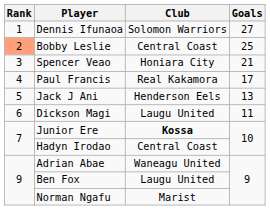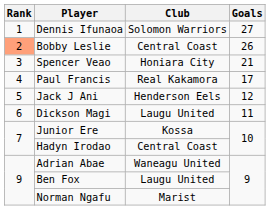 <table class="wikitable" style="text-align:center">
 <tr>
 <th>Rank</th>
 <th>Player</th>
 <th>Club</th>
 <th>Goals</th>
 </tr>
 <tr>
 <td>1</td>
 <td align=left> Dennis Ifunaoa</td>
 <td>Solomon Warriors</td>
 <td>27</td>
 </tr>
 <tr>
 <td style="background: lightsalmon;">2</td>
 <td align=left> Bobby Leslie</td>
 <td>Central Coast</td>
-<td>25</td>
+<td>26</td>
 </tr>
 <tr>
 <td>3</td>
 <td align=left> Spencer Veao</td>
 <td>Honiara City</td>
 <td>21</td>
 </tr>
 <tr>
 <td>4</td>
 <td align=left> Paul Francis</td>
 <td>Real Kakamora</td>
 <td>17</td>
 </tr>
 <tr>
 <td>5</td>
 <td align=left> Jack J Ani</td>
 <td>Henderson Eels</td>
-<td>13</td>
+<td>12</td>
 </tr>
 <tr>
 <td>6</td>
 <td align=left> Dickson Magi</td>
 <td>Laugu United</td>
 <td>11</td>
 </tr>
 <tr>
 <td rowspan=2>7</td>
 <td align=left> Junior Ere</td>
-<td><strong>Kossa</strong></td>
+<td>Kossa</td>
 <td rowspan=2>10</td>
 </tr>
 <tr>
 <td align=left> Hadyn Irodao</td>
 <td>Central Coast</td>
 </tr>
 <tr>
 <td rowspan=3>9</td>
 <td align=left> Adrian Abae</td>
 <td>Waneagu United</td>
 <td rowspan=3>9</td>
 </tr>
 <tr>
 <td align=left> Ben Fox</td>
 <td>Laugu United</td>
 </tr>
 <tr>
 <td align=left> Norman Ngafu</td>
 <td>Marist</td>
 </tr>
 </table>
